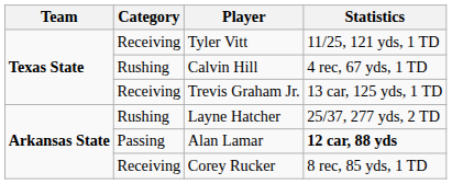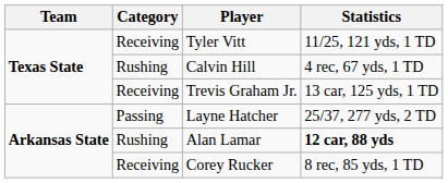 <table class="wikitable" style="float: left;">
 <tr>
 <th>Team</th>
 <th>Category</th>
 <th>Player</th>
 <th>Statistics</th>
 </tr>
 <tr>
 <td rowspan=3><strong>Texas State</strong></td>
 <td>Receiving</td>
 <td>Tyler Vitt</td>
 <td>11/25, 121 yds, 1 TD</td>
 </tr>
 <tr>
 <td>Rushing</td>
 <td>Calvin Hill</td>
 <td>4 rec, 67 yds, 1 TD</td>
 </tr>
 <tr>
 <td>Receiving</td>
 <td>Trevis Graham Jr.</td>
 <td>13 car, 125 yds, 1 TD</td>
 </tr>
 <tr>
 <td rowspan=3><strong>Arkansas State</strong></td>
-<td>Rushing</td>
+<td>Passing</td>
 <td>Layne Hatcher</td>
 <td>25/37, 277 yds, 2 TD</td>
 </tr>
 <tr>
-<td>Passing</td>
+<td>Rushing</td>
 <td>Alan Lamar</td>
 <td><strong>12 car, 88 yds</strong></td>
 </tr>
 <tr>
 <td>Receiving</td>
 <td>Corey Rucker</td>
 <td>8 rec, 85 yds, 1 TD</td>
 </tr>
 </table>
